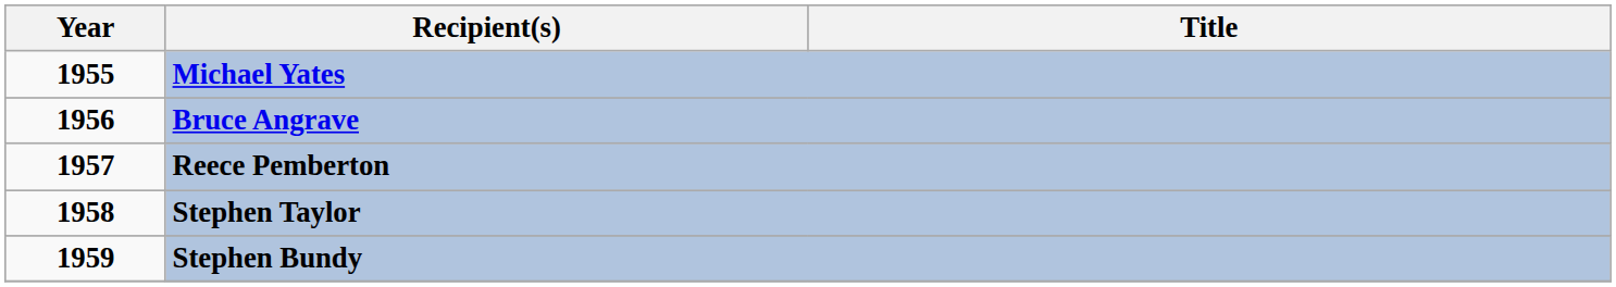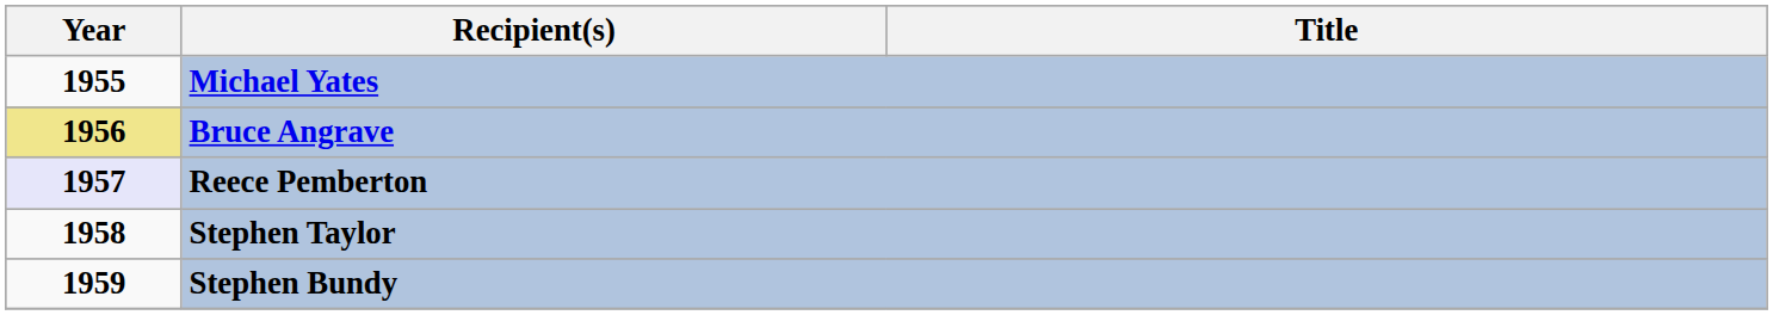 <table class="wikitable" width="70%">
 <tr>
 <th width=5%>Year</th>
 <th width=20%><strong>Recipient(s)</strong></th>
 <th width=25%><strong>Title</strong></th>
 </tr>
 <tr>
 <td style="text-align:center;"><strong>1955</strong></td>
 <td colspan="2" style="background:#B0C4DE;"><strong><a href='#'>Michael Yates</a></strong></td>
 </tr>
 <tr>
-<td style="text-align:center;"><strong>1956</strong></td>
+<td style="background: khaki; text-align:center;"><strong>1956</strong></td>
 <td colspan="2" style="background:#B0C4DE;"><strong><a href='#'>Bruce Angrave</a></strong></td>
 </tr>
 <tr>
-<td style="text-align:center;"><strong>1957</strong></td>
+<td style="background: lavender; text-align:center;"><strong>1957</strong></td>
 <td colspan="2" style="background:#B0C4DE;"><strong>Reece Pemberton</strong></td>
 </tr>
 <tr>
 <td style="text-align:center;"><strong>1958</strong></td>
 <td colspan="2" style="background:#B0C4DE;"><strong>Stephen Taylor</strong></td>
 </tr>
 <tr>
 <td style="text-align:center;"><strong>1959</strong></td>
 <td colspan="2" style="background:#B0C4DE;"><strong>Stephen Bundy</strong></td>
 </tr>
 <tr>
 </tr>
 </table>
